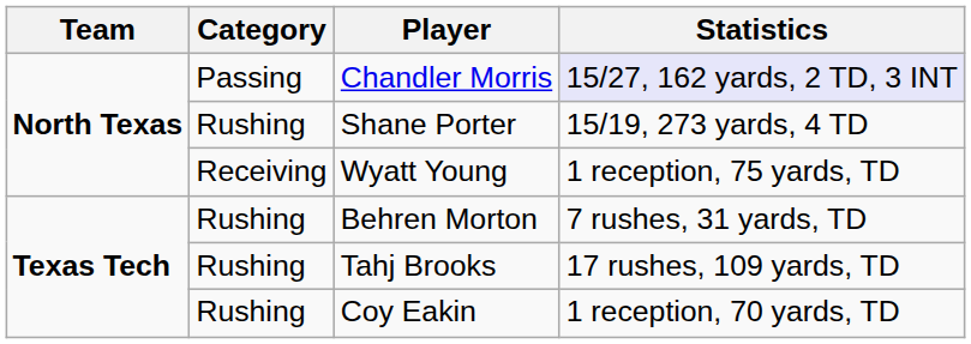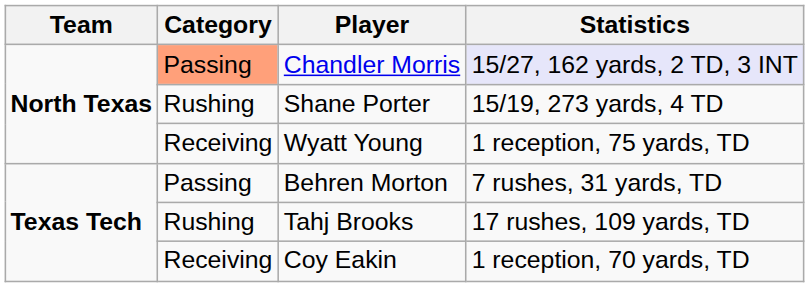 <table class="wikitable" style="float: right;">
 <tr>
 <th>Team</th>
 <th>Category</th>
 <th>Player</th>
 <th>Statistics</th>
 </tr>
 <tr>
 <td rowspan=3><strong>North Texas</strong></td>
-<td>Passing</td>
+<td style="background: lightsalmon;">Passing</td>
 <td><a href='#'>Chandler Morris</a></td>
 <td style="background: lavender;">15/27, 162 yards, 2 TD, 3 INT</td>
 </tr>
 <tr>
 <td>Rushing</td>
 <td>Shane Porter</td>
 <td>15/19, 273 yards, 4 TD</td>
 </tr>
 <tr>
 <td>Receiving</td>
 <td>Wyatt Young</td>
 <td>1 reception, 75 yards, TD</td>
 </tr>
 <tr>
 <td rowspan=3><strong>Texas Tech</strong></td>
-<td>Rushing</td>
+<td>Passing</td>
 <td>Behren Morton</td>
 <td>7 rushes, 31 yards, TD</td>
 </tr>
 <tr>
 <td>Rushing</td>
 <td>Tahj Brooks</td>
 <td>17 rushes, 109 yards, TD</td>
 </tr>
 <tr>
-<td>Rushing</td>
+<td>Receiving</td>
 <td>Coy Eakin</td>
 <td>1 reception, 70 yards, TD</td>
 </tr>
 </table>
